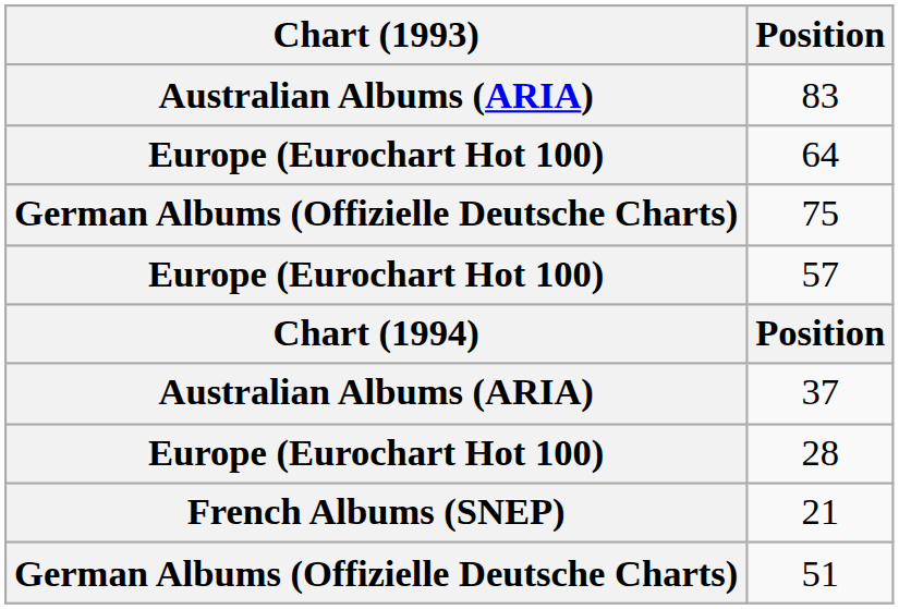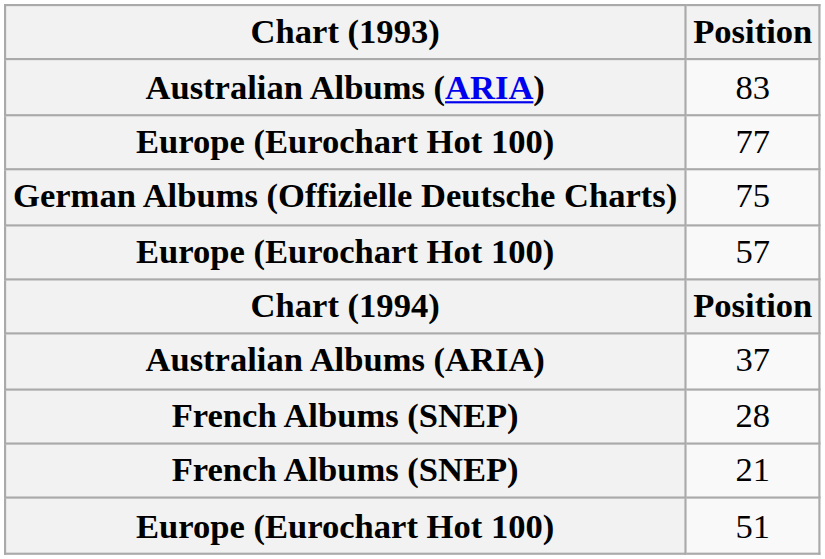 <table class="wikitable sortable plainrowheaders">
 <tr>
 <th scope="col">Chart (1993)</th>
 <th scope="col">Position</th>
 </tr>
 <tr>
 <th scope="row">Australian Albums (<a href='#'>ARIA</a>)</th>
 <td align="center">83</td>
 </tr>
 <tr>
 <th scope="row">Europe (Eurochart Hot 100)</th>
-<td align=center>64</td>
+<td align=center>77</td>
 </tr>
 <tr>
 <th scope="row">German Albums (Offizielle Deutsche Charts)</th>
 <td style="text-align:center;">75</td>
 </tr>
 <tr>
 <th scope="row">Europe (Eurochart Hot 100)</th>
 <td align="center">57</td>
 </tr>
 <tr>
 <th scope="col">Chart (1994)</th>
 <th scope="col">Position</th>
 </tr>
 <tr>
 <th scope="row">Australian Albums (ARIA)</th>
 <td align="center">37</td>
 </tr>
 <tr>
-<th scope="row">Europe (Eurochart Hot 100)</th>
+<th scope="row">French Albums (SNEP)</th>
 <td style="text-align:center;">28</td>
 </tr>
 <tr>
 <th scope="row">French Albums (SNEP)</th>
 <td align="center">21</td>
 </tr>
 <tr>
-<th scope="row">German Albums (Offizielle Deutsche Charts)</th>
+<th scope="row">Europe (Eurochart Hot 100)</th>
 <td style="text-align:center;">51</td>
 </tr>
 </table>
